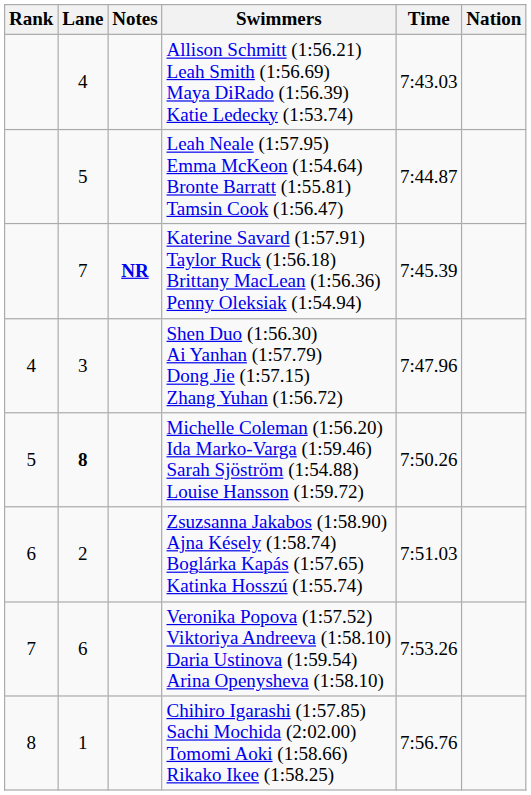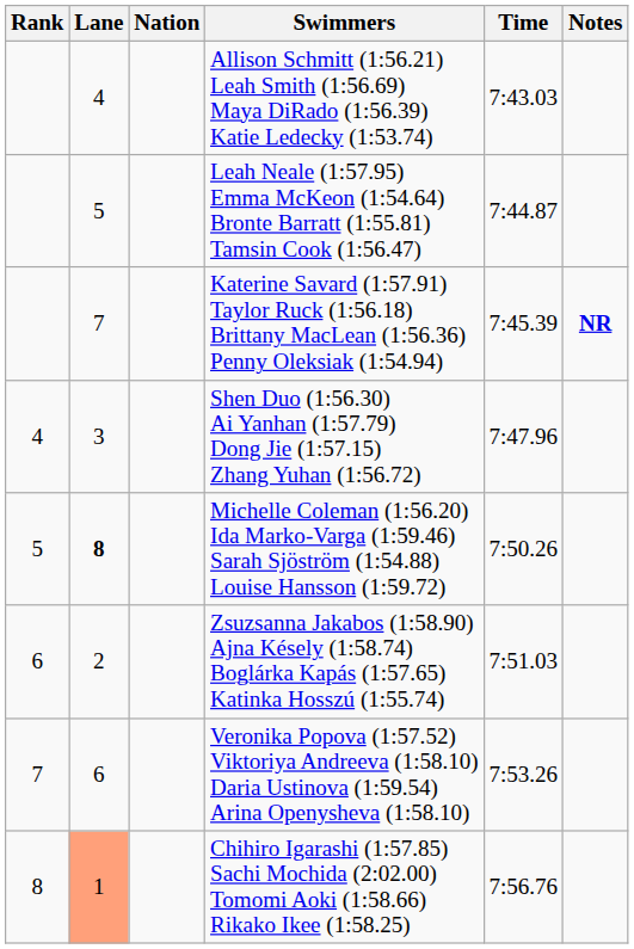 <table class="wikitable sortable" style="text-align:center">
 <tr>
 <th>Rank</th>
 <th>Lane</th>
-<th>Notes</th>
+<th>Nation</th>
 <th>Swimmers</th>
 <th>Time</th>
-<th>Nation</th>
+<th>Notes</th>
 </tr>
 <tr>
 <td></td>
 <td>4</td>
-<td></td>
+<td align=left></td>
 <td align=left><a href='#'>Allison Schmitt</a> (1:56.21)<br><a href='#'>Leah Smith</a> (1:56.69)<br><a href='#'>Maya DiRado</a> (1:56.39)<br><a href='#'>Katie Ledecky</a> (1:53.74)</td>
 <td>7:43.03</td>
-<td align=left></td>
+<td></td>
 </tr>
 <tr>
 <td></td>
 <td>5</td>
-<td></td>
+<td align=left></td>
 <td align=left><a href='#'>Leah Neale</a> (1:57.95)<br><a href='#'>Emma McKeon</a> (1:54.64)<br><a href='#'>Bronte Barratt</a> (1:55.81)<br><a href='#'>Tamsin Cook</a> (1:56.47)</td>
 <td>7:44.87</td>
-<td align=left></td>
+<td></td>
 </tr>
 <tr>
 <td></td>
 <td>7</td>
-<td><strong><a href='#'>NR</a></strong></td>
+<td align=left></td>
 <td align=left><a href='#'>Katerine Savard</a> (1:57.91)<br><a href='#'>Taylor Ruck</a> (1:56.18)<br><a href='#'>Brittany MacLean</a> (1:56.36)<br><a href='#'>Penny Oleksiak</a> (1:54.94)</td>
 <td>7:45.39</td>
-<td align=left></td>
+<td><strong><a href='#'>NR</a></strong></td>
 </tr>
 <tr>
 <td>4</td>
 <td>3</td>
-<td></td>
+<td align=left></td>
 <td align=left><a href='#'>Shen Duo</a> (1:56.30)<br><a href='#'>Ai Yanhan</a> (1:57.79)<br><a href='#'>Dong Jie</a> (1:57.15)<br><a href='#'>Zhang Yuhan</a> (1:56.72)</td>
 <td>7:47.96</td>
-<td align=left></td>
+<td></td>
 </tr>
 <tr>
 <td>5</td>
 <td><strong>8</strong></td>
-<td></td>
+<td align=left></td>
 <td align=left><a href='#'>Michelle Coleman</a> (1:56.20)<br><a href='#'>Ida Marko-Varga</a> (1:59.46)<br><a href='#'>Sarah Sjöström</a> (1:54.88)<br><a href='#'>Louise Hansson</a> (1:59.72)</td>
 <td>7:50.26</td>
-<td align=left></td>
+<td></td>
 </tr>
 <tr>
 <td>6</td>
 <td>2</td>
-<td></td>
+<td align=left></td>
 <td align=left><a href='#'>Zsuzsanna Jakabos</a> (1:58.90)<br><a href='#'>Ajna Késely</a> (1:58.74)<br><a href='#'>Boglárka Kapás</a> (1:57.65)<br><a href='#'>Katinka Hosszú</a> (1:55.74)</td>
 <td>7:51.03</td>
-<td align=left></td>
+<td></td>
 </tr>
 <tr>
 <td>7</td>
 <td>6</td>
-<td></td>
+<td align=left></td>
 <td align=left><a href='#'>Veronika Popova</a> (1:57.52)<br><a href='#'>Viktoriya Andreeva</a> (1:58.10)<br><a href='#'>Daria Ustinova</a> (1:59.54)<br><a href='#'>Arina Openysheva</a> (1:58.10)</td>
 <td>7:53.26</td>
-<td align=left></td>
+<td></td>
 </tr>
 <tr>
 <td>8</td>
-<td>1</td>
-<td></td>
+<td style="background: lightsalmon;">1</td>
+<td align=left></td>
 <td align=left><a href='#'>Chihiro Igarashi</a> (1:57.85)<br><a href='#'>Sachi Mochida</a> (2:02.00)<br><a href='#'>Tomomi Aoki</a> (1:58.66)<br><a href='#'>Rikako Ikee</a> (1:58.25)</td>
 <td>7:56.76</td>
-<td align=left></td>
+<td></td>
 </tr>
 </table>
